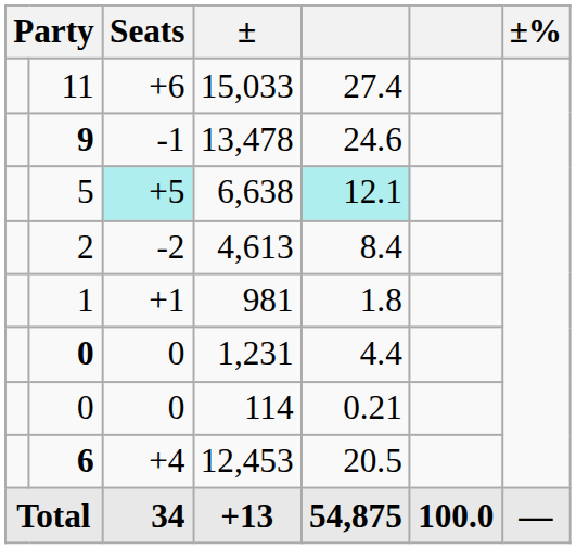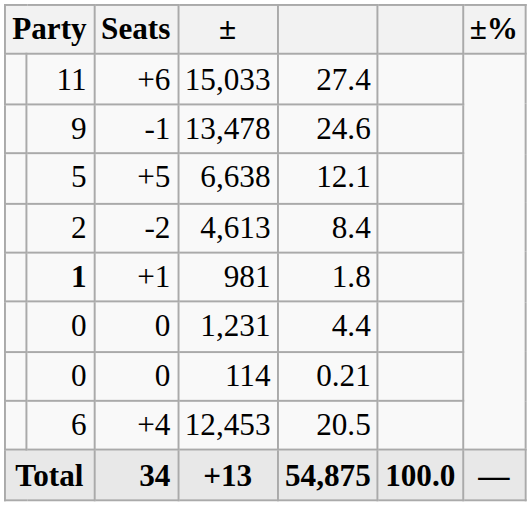 <table class=wikitable>
 <tr>
 <th colspan=2 align=center>Party</th>
 <th>Seats</th>
 <th>±</th>
 <th></th>
 <th></th>
 <th>±%</th>
 </tr>
 <tr>
 <td></td>
 <td align=right>11</td>
 <td align=right>+6</td>
 <td align=right>15,033</td>
 <td align=right>27.4</td>
 <td align=right></td>
 </tr>
 <tr>
 <td></td>
-<td align=right><strong>9</strong></td>
+<td align=right>9</td>
 <td align=right>-1</td>
 <td align=right>13,478</td>
 <td align=right>24.6</td>
 <td align=right></td>
 </tr>
 <tr>
 <td></td>
 <td align=right>5</td>
-<td align=right style="background: paleturquoise;">+5</td>
+<td align=right>+5</td>
 <td align=right>6,638</td>
-<td align=right style="background: paleturquoise;">12.1</td>
+<td align=right>12.1</td>
 <td align=right></td>
 </tr>
 <tr>
 <td></td>
 <td align=right>2</td>
 <td align=right>-2</td>
 <td align=right>4,613</td>
 <td align=right>8.4</td>
 <td align=right></td>
 </tr>
 <tr>
 <td></td>
-<td align=right>1</td>
+<td align=right><strong>1</strong></td>
 <td align=right>+1</td>
 <td align=right>981</td>
 <td align=right>1.8</td>
 <td align=right></td>
 </tr>
 <tr>
 <td></td>
-<td align=right><strong>0</strong></td>
+<td align=right>0</td>
 <td align=right>0</td>
 <td align=right>1,231</td>
 <td align=right>4.4</td>
 <td align=right></td>
 </tr>
 <tr>
 <td></td>
 <td align=right>0</td>
 <td align=right>0</td>
 <td align=right>114</td>
 <td align=right>0.21</td>
 <td align=right></td>
 </tr>
 <tr>
 <td></td>
-<td align=right><strong>6</strong></td>
+<td align=right>6</td>
 <td align=right>+4</td>
 <td align=right>12,453</td>
 <td align=right>20.5</td>
 <td align=right></td>
 </tr>
 <tr style="font-weight:bold; background:rgb(232,232,232);">
 <td colspan=2 align=center>Total</td>
 <td align=right>34</td>
 <td align=center>+13</td>
 <td align=right>54,875</td>
 <td align=center>100.0</td>
 <td align=center>—</td>
 </tr>
 </table>
